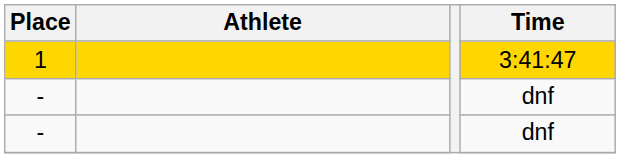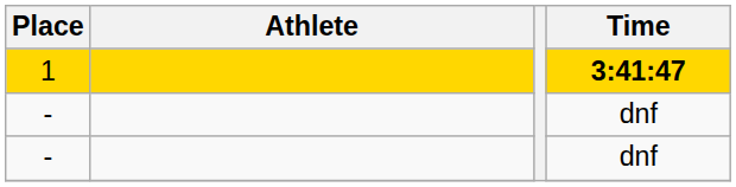 <table class="wikitable" style="text-align:center">
 <tr>
 <th>Place</th>
 <th width=250>Athlete</th>
 <th rowspan=27></th>
 <th width=100>Time</th>
 </tr>
 <tr bgcolor=gold>
 <td>1</td>
 <td align=left></td>
-<td>3:41:47</td>
+<td><strong>3:41:47</strong></td>
 </tr>
 <tr>
 <td>-</td>
 <td align=left></td>
 <td>dnf</td>
 </tr>
 <tr>
 <td>-</td>
 <td align=left></td>
 <td>dnf</td>
 </tr>
 <tr>
 </tr>
 </table>
